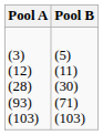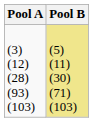 <table class="wikitable">
 <tr>
 <th width=50%>Pool A</th>
 <th width=50%>Pool B</th>
 </tr>
 <tr>
 <td valign=top><br> (3)<br>  (12)<br>  (28)<br>  (93)<br>  (103)</td>
-<td valign=top><br> (5)<br>  (11)<br>  (30)<br>  (71)<br>  (103)</td>
+<td valign=top style="background: khaki;"><br> (5)<br>  (11)<br>  (30)<br>  (71)<br>  (103)</td>
 </tr>
 </table>
